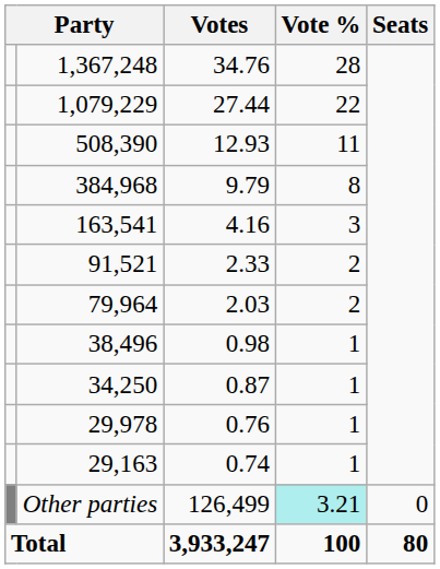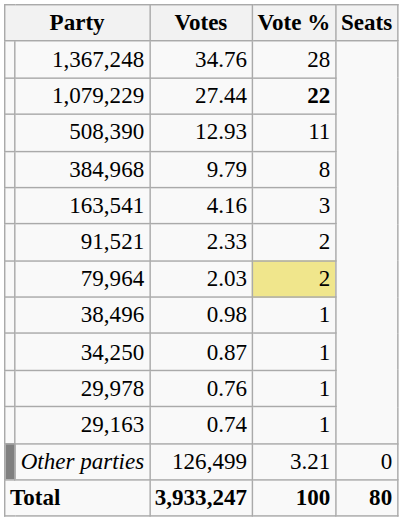 <table class="wikitable" style="text-align:right">
 <tr>
 <th colspan=2>Party</th>
 <th>Votes</th>
 <th>Vote %</th>
 <th>Seats</th>
 </tr>
 <tr>
 <td></td>
 <td>1,367,248</td>
 <td>34.76</td>
 <td>28</td>
 </tr>
 <tr>
 <td></td>
 <td>1,079,229</td>
 <td>27.44</td>
-<td>22</td>
+<td><strong>22</strong></td>
 </tr>
 <tr>
 <td></td>
 <td>508,390</td>
 <td>12.93</td>
 <td>11</td>
 </tr>
 <tr>
 <td></td>
 <td>384,968</td>
 <td>9.79</td>
 <td>8</td>
 </tr>
 <tr>
 <td></td>
 <td>163,541</td>
 <td>4.16</td>
 <td>3</td>
 </tr>
 <tr>
 <td></td>
 <td>91,521</td>
 <td>2.33</td>
 <td>2</td>
 </tr>
 <tr>
 <td></td>
 <td>79,964</td>
 <td>2.03</td>
-<td>2</td>
+<td style="background: khaki;">2</td>
 </tr>
 <tr>
 <td></td>
 <td>38,496</td>
 <td>0.98</td>
 <td>1</td>
 </tr>
 <tr>
 <td></td>
 <td>34,250</td>
 <td>0.87</td>
 <td>1</td>
 </tr>
 <tr>
 <td></td>
 <td>29,978</td>
 <td>0.76</td>
 <td>1</td>
 </tr>
 <tr>
 <td></td>
 <td>29,163</td>
 <td>0.74</td>
 <td>1</td>
 </tr>
 <tr>
 <td style="background-color:grey"></td>
 <td style="text-align:left"><em>Other parties</em></td>
 <td>126,499</td>
-<td style="background: paleturquoise;">3.21</td>
+<td>3.21</td>
 <td>0</td>
 </tr>
 <tr>
 <td colspan="2" style="text-align:left"><strong>Total</strong></td>
 <td><strong>3,933,247</strong></td>
 <td><strong>100</strong></td>
 <td><strong>80</strong></td>
 </tr>
 </table>
